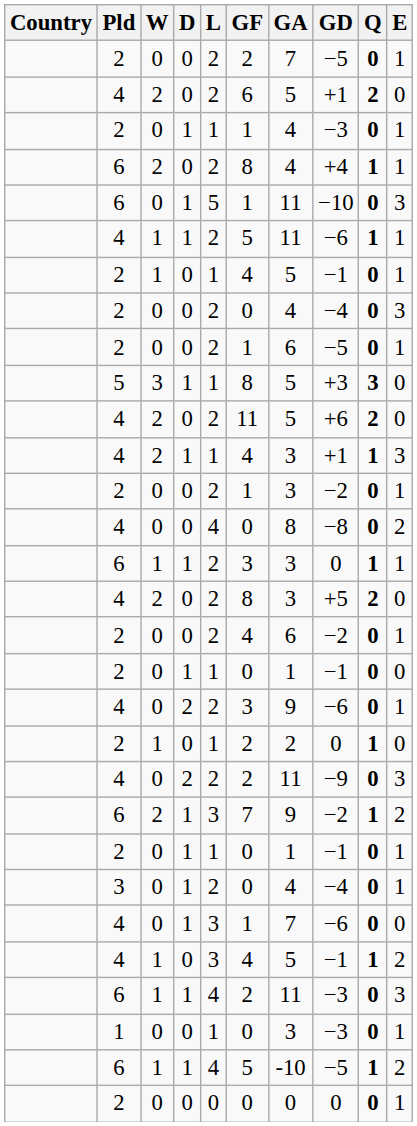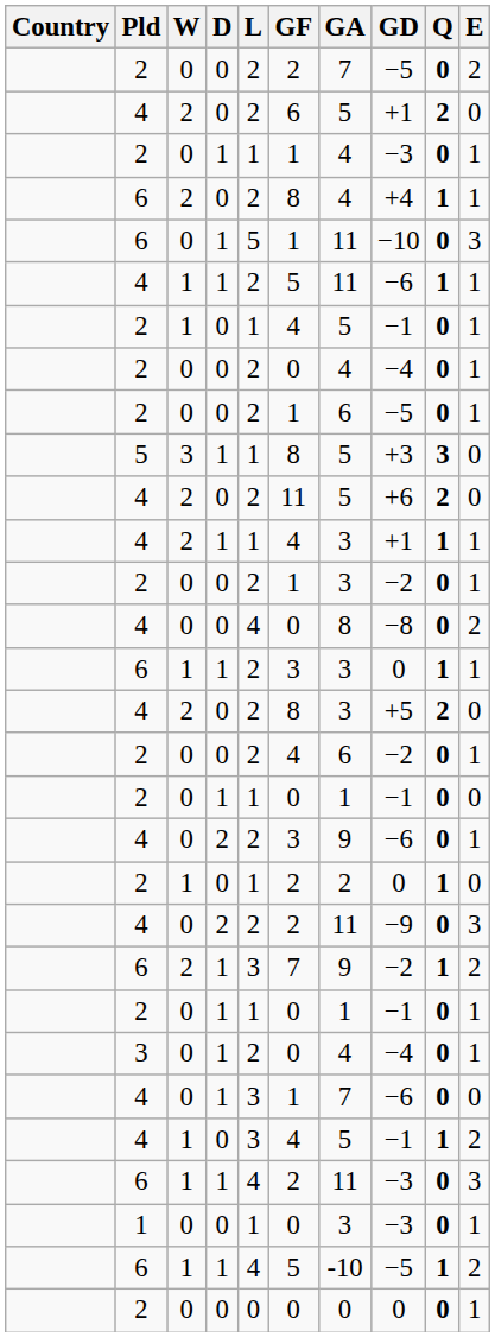 <table class="wikitable sortable" style="text-align: center;">
 <tr>
 <th>Country</th>
 <th>Pld</th>
 <th>W</th>
 <th>D</th>
 <th>L</th>
 <th>GF</th>
 <th>GA</th>
 <th>GD</th>
 <th>Q</th>
 <th>E</th>
 </tr>
 <tr>
 <td align=left></td>
 <td>2</td>
 <td>0</td>
 <td>0</td>
 <td>2</td>
 <td>2</td>
 <td>7</td>
 <td>−5</td>
 <td><strong>0</strong></td>
-<td>1</td>
+<td>2</td>
 </tr>
 <tr>
 <td align=left></td>
 <td>4</td>
 <td>2</td>
 <td>0</td>
 <td>2</td>
 <td>6</td>
 <td>5</td>
 <td>+1</td>
 <td><strong>2</strong></td>
 <td>0</td>
 </tr>
 <tr>
 <td align=left></td>
 <td>2</td>
 <td>0</td>
 <td>1</td>
 <td>1</td>
 <td>1</td>
 <td>4</td>
 <td>−3</td>
 <td><strong>0</strong></td>
 <td>1</td>
 </tr>
 <tr>
 <td align=left></td>
 <td>6</td>
 <td>2</td>
 <td>0</td>
 <td>2</td>
 <td>8</td>
 <td>4</td>
 <td>+4</td>
 <td><strong>1</strong></td>
 <td>1</td>
 </tr>
 <tr>
 <td align=left></td>
 <td>6</td>
 <td>0</td>
 <td>1</td>
 <td>5</td>
 <td>1</td>
 <td>11</td>
 <td>−10</td>
 <td><strong>0</strong></td>
 <td>3</td>
 </tr>
 <tr>
 <td align=left></td>
 <td>4</td>
 <td>1</td>
 <td>1</td>
 <td>2</td>
 <td>5</td>
 <td>11</td>
 <td>−6</td>
 <td><strong>1</strong></td>
 <td>1</td>
 </tr>
 <tr>
 <td align=left></td>
 <td>2</td>
 <td>1</td>
 <td>0</td>
 <td>1</td>
 <td>4</td>
 <td>5</td>
 <td>−1</td>
 <td><strong>0</strong></td>
 <td>1</td>
 </tr>
 <tr>
 <td align=left></td>
 <td>2</td>
 <td>0</td>
 <td>0</td>
 <td>2</td>
 <td>0</td>
 <td>4</td>
 <td>−4</td>
 <td><strong>0</strong></td>
-<td>3</td>
+<td>1</td>
 </tr>
 <tr>
 <td align=left></td>
 <td>2</td>
 <td>0</td>
 <td>0</td>
 <td>2</td>
 <td>1</td>
 <td>6</td>
 <td>−5</td>
 <td><strong>0</strong></td>
 <td>1</td>
 </tr>
 <tr>
 <td align=left></td>
 <td>5</td>
 <td>3</td>
 <td>1</td>
 <td>1</td>
 <td>8</td>
 <td>5</td>
 <td>+3</td>
 <td><strong>3</strong></td>
 <td>0</td>
 </tr>
 <tr>
 <td align=left></td>
 <td>4</td>
 <td>2</td>
 <td>0</td>
 <td>2</td>
 <td>11</td>
 <td>5</td>
 <td>+6</td>
 <td><strong>2</strong></td>
 <td>0</td>
 </tr>
 <tr>
 <td align=left></td>
 <td>4</td>
 <td>2</td>
 <td>1</td>
 <td>1</td>
 <td>4</td>
 <td>3</td>
 <td>+1</td>
 <td><strong>1</strong></td>
-<td>3</td>
+<td>1</td>
 </tr>
 <tr>
 <td align=left></td>
 <td>2</td>
 <td>0</td>
 <td>0</td>
 <td>2</td>
 <td>1</td>
 <td>3</td>
 <td>−2</td>
 <td><strong>0</strong></td>
 <td>1</td>
 </tr>
 <tr>
 <td align=left></td>
 <td>4</td>
 <td>0</td>
 <td>0</td>
 <td>4</td>
 <td>0</td>
 <td>8</td>
 <td>−8</td>
 <td><strong>0</strong></td>
 <td>2</td>
 </tr>
 <tr>
 <td align=left></td>
 <td>6</td>
 <td>1</td>
 <td>1</td>
 <td>2</td>
 <td>3</td>
 <td>3</td>
 <td>0</td>
 <td><strong>1</strong></td>
 <td>1</td>
 </tr>
 <tr>
 <td align=left></td>
 <td>4</td>
 <td>2</td>
 <td>0</td>
 <td>2</td>
 <td>8</td>
 <td>3</td>
 <td>+5</td>
 <td><strong>2</strong></td>
 <td>0</td>
 </tr>
 <tr>
 <td align=left></td>
 <td>2</td>
 <td>0</td>
 <td>0</td>
 <td>2</td>
 <td>4</td>
 <td>6</td>
 <td>−2</td>
 <td><strong>0</strong></td>
 <td>1</td>
 </tr>
 <tr>
 <td align=left></td>
 <td>2</td>
 <td>0</td>
 <td>1</td>
 <td>1</td>
 <td>0</td>
 <td>1</td>
 <td>−1</td>
 <td><strong>0</strong></td>
 <td>0</td>
 </tr>
 <tr>
 <td align=left></td>
 <td>4</td>
 <td>0</td>
 <td>2</td>
 <td>2</td>
 <td>3</td>
 <td>9</td>
 <td>−6</td>
 <td><strong>0</strong></td>
 <td>1</td>
 </tr>
 <tr>
 <td align=left></td>
 <td>2</td>
 <td>1</td>
 <td>0</td>
 <td>1</td>
 <td>2</td>
 <td>2</td>
 <td>0</td>
 <td><strong>1</strong></td>
 <td>0</td>
 </tr>
 <tr>
 <td align=left></td>
 <td>4</td>
 <td>0</td>
 <td>2</td>
 <td>2</td>
 <td>2</td>
 <td>11</td>
 <td>−9</td>
 <td><strong>0</strong></td>
 <td>3</td>
 </tr>
 <tr>
 <td align=left></td>
 <td>6</td>
 <td>2</td>
 <td>1</td>
 <td>3</td>
 <td>7</td>
 <td>9</td>
 <td>−2</td>
 <td><strong>1</strong></td>
 <td>2</td>
 </tr>
 <tr>
 <td align=left></td>
 <td>2</td>
 <td>0</td>
 <td>1</td>
 <td>1</td>
 <td>0</td>
 <td>1</td>
 <td>−1</td>
 <td><strong>0</strong></td>
 <td>1</td>
 </tr>
 <tr>
 <td align=left></td>
 <td>3</td>
 <td>0</td>
 <td>1</td>
 <td>2</td>
 <td>0</td>
 <td>4</td>
 <td>−4</td>
 <td><strong>0</strong></td>
 <td>1</td>
 </tr>
 <tr>
 <td align=left></td>
 <td>4</td>
 <td>0</td>
 <td>1</td>
 <td>3</td>
 <td>1</td>
 <td>7</td>
 <td>−6</td>
 <td><strong>0</strong></td>
 <td>0</td>
 </tr>
 <tr>
 <td align=left></td>
 <td>4</td>
 <td>1</td>
 <td>0</td>
 <td>3</td>
 <td>4</td>
 <td>5</td>
 <td>−1</td>
 <td><strong>1</strong></td>
 <td>2</td>
 </tr>
 <tr>
 <td align=left></td>
 <td>6</td>
 <td>1</td>
 <td>1</td>
 <td>4</td>
 <td>2</td>
 <td>11</td>
 <td>−3</td>
 <td><strong>0</strong></td>
 <td>3</td>
 </tr>
 <tr>
 <td align=left></td>
 <td>1</td>
 <td>0</td>
 <td>0</td>
 <td>1</td>
 <td>0</td>
 <td>3</td>
 <td>−3</td>
 <td><strong>0</strong></td>
 <td>1</td>
 </tr>
 <tr>
 <td align=left></td>
 <td>6</td>
 <td>1</td>
 <td>1</td>
 <td>4</td>
 <td>5</td>
 <td>-10</td>
 <td>−5</td>
 <td><strong>1</strong></td>
 <td>2</td>
 </tr>
 <tr>
 <td align=left></td>
 <td>2</td>
 <td>0</td>
 <td>0</td>
 <td>0</td>
 <td>0</td>
 <td>0</td>
 <td>0</td>
 <td><strong>0</strong></td>
 <td>1</td>
 </tr>
 </table>
